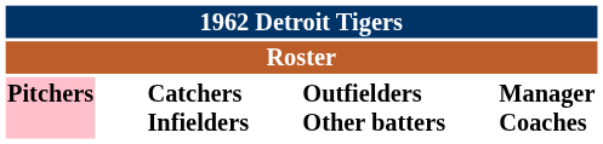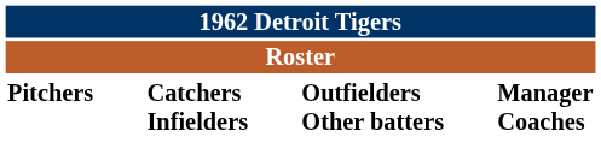 <table class="toccolours" style="font-size: 95%;">
 <tr>
 <th colspan="10" style="background-color: #003366; color: white; text-align: center;">1962 Detroit Tigers</th>
 </tr>
 <tr>
 <td colspan="10" style="background-color: #bd5d29; color: white; text-align: center;"><strong>Roster</strong></td>
 </tr>
 <tr>
-<td valign="top" style="background: pink;"><strong>Pitchers</strong><br>                </td>
+<td valign="top"><strong>Pitchers</strong><br>                </td>
 <td width="25px"></td>
 <td valign="top"><strong>Catchers</strong><br>  <strong>Infielders</strong>          </td>
 <td width="25px"></td>
 <td valign="top"><strong>Outfielders</strong><br>       <strong>Other batters</strong> </td>
 <td width="25px"></td>
 <td valign="top"><strong>Manager</strong><br> <strong>Coaches</strong>   </td>
 </tr>
 <tr>
 </tr>
 </table>
